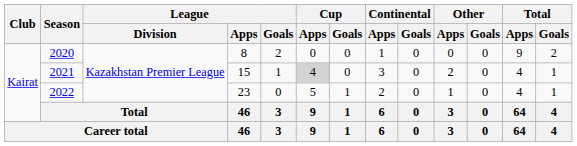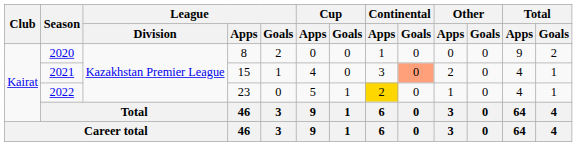 <table class="wikitable" style="text-align: center">
 <tr>
 <th rowspan="2">Club</th>
 <th rowspan="2">Season</th>
 <th colspan="3">League</th>
 <th colspan="2">Cup</th>
 <th colspan="2">Continental</th>
 <th colspan="2">Other</th>
 <th colspan="2">Total</th>
 </tr>
 <tr>
 <th>Division</th>
 <th>Apps</th>
 <th>Goals</th>
 <th>Apps</th>
 <th>Goals</th>
 <th>Apps</th>
 <th>Goals</th>
 <th>Apps</th>
 <th>Goals</th>
 <th>Apps</th>
 <th>Goals</th>
 </tr>
 <tr>
 <td rowspan="4"><a href='#'>Kairat</a></td>
 <td><a href='#'>2020</a></td>
 <td rowspan="3"><a href='#'>Kazakhstan Premier League</a></td>
 <td>8</td>
 <td>2</td>
 <td>0</td>
 <td>0</td>
 <td>1</td>
 <td>0</td>
 <td>0</td>
 <td>0</td>
 <td>9</td>
 <td>2</td>
 </tr>
 <tr>
 <td><a href='#'>2021</a></td>
 <td>15</td>
 <td>1</td>
-<td style="background: lightgrey;">4</td>
+<td>4</td>
 <td>0</td>
 <td>3</td>
-<td>0</td>
+<td style="background: lightsalmon;">0</td>
 <td>2</td>
 <td>0</td>
 <td>4</td>
 <td>1</td>
 </tr>
 <tr>
 <td><a href='#'>2022</a></td>
 <td>23</td>
 <td>0</td>
 <td>5</td>
 <td>1</td>
-<td>2</td>
+<td style="background: gold;">2</td>
 <td>0</td>
 <td>1</td>
 <td>0</td>
 <td>4</td>
 <td>1</td>
 </tr>
 <tr>
 <th colspan=2>Total</th>
 <th>46</th>
 <th>3</th>
 <th>9</th>
 <th>1</th>
 <th>6</th>
 <th>0</th>
 <th>3</th>
 <th>0</th>
 <th>64</th>
 <th>4</th>
 </tr>
 <tr>
 <th colspan=3>Career total</th>
 <th>46</th>
 <th>3</th>
 <th>9</th>
 <th>1</th>
 <th>6</th>
 <th>0</th>
 <th>3</th>
 <th>0</th>
 <th>64</th>
 <th>4</th>
 </tr>
 </table>
